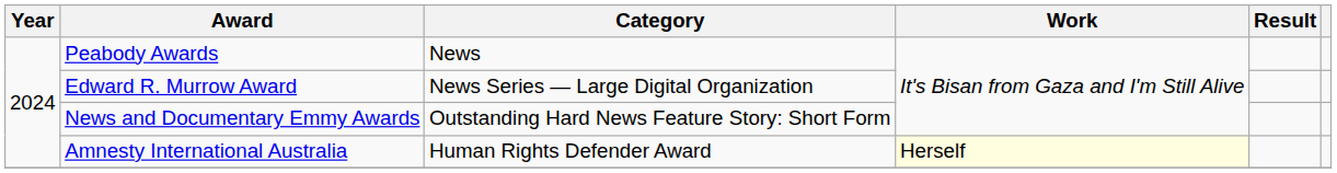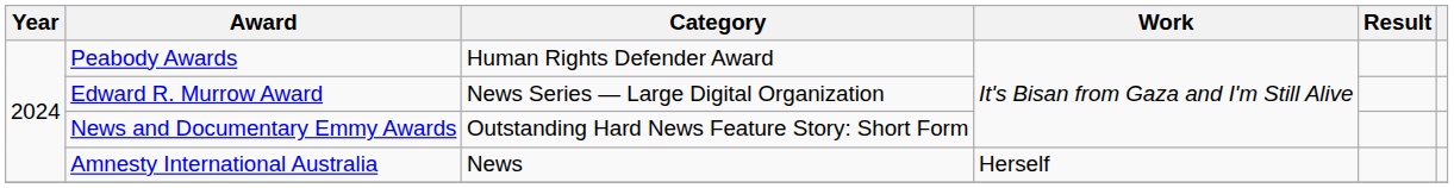 <table class="wikitable sortable plainrowheaders">
 <tr>
 <th>Year</th>
 <th>Award</th>
 <th>Category</th>
 <th>Work</th>
 <th>Result</th>
 <th scope="col" class="unsortable"></th>
 </tr>
 <tr>
 <td rowspan="4" align="center">2024</td>
 <td><a href='#'>Peabody Awards</a></td>
-<td>News</td>
+<td>Human Rights Defender Award</td>
 <td rowspan="3"><em>It's Bisan from Gaza and I'm Still Alive</em></td>
 <td></td>
 <td></td>
 </tr>
 <tr>
 <td><a href='#'>Edward R. Murrow Award</a></td>
 <td>News Series — Large Digital Organization</td>
 <td></td>
 <td></td>
 </tr>
 <tr>
 <td><a href='#'>News and Documentary Emmy Awards</a></td>
 <td>Outstanding Hard News Feature Story: Short Form</td>
 <td></td>
 <td></td>
 </tr>
 <tr>
 <td><a href='#'>Amnesty International Australia</a></td>
-<td>Human Rights Defender Award</td>
-<td style="background: lightyellow;">Herself</td>
+<td>News</td>
+<td>Herself</td>
 <td></td>
 <td></td>
 </tr>
 <tr>
 </tr>
 </table>
